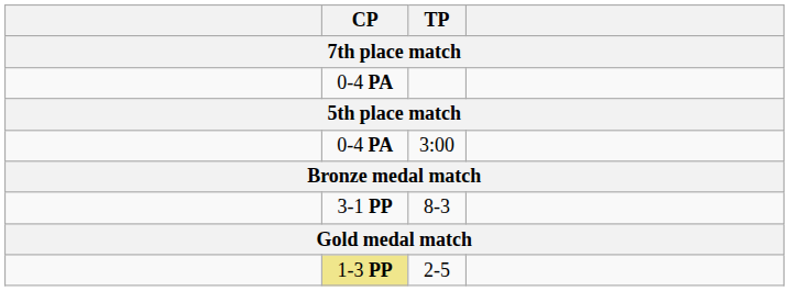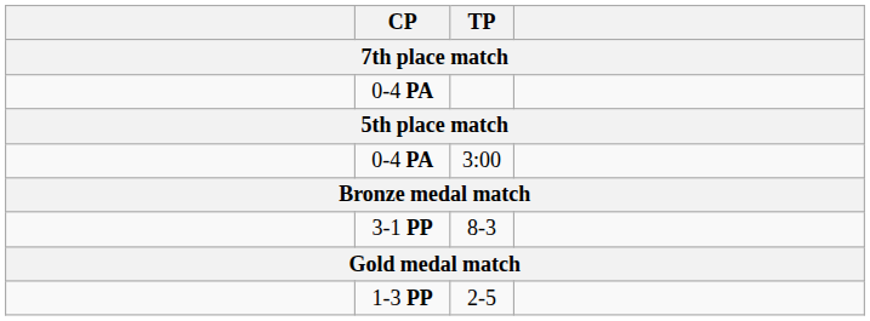 <table class="wikitable" style="text-align: center;" |>
 <tr>
 <th width="250"></th>
 <th width="62">CP</th>
 <th width="40">TP</th>
 <th width="250"></th>
 </tr>
 <tr>
 <th colspan="5">7th place match</th>
 </tr>
 <tr>
 <td style="text-align:left;"></td>
 <td>0-4 <strong>PA</strong></td>
 <td></td>
 <td style="text-align:left;"><strong></strong></td>
 </tr>
 <tr>
 <th colspan="5">5th place match</th>
 </tr>
 <tr>
 <td style="text-align:left;"></td>
 <td>0-4 <strong>PA</strong></td>
 <td>3:00</td>
 <td style="text-align:left;"><strong></strong></td>
 </tr>
 <tr>
 <th colspan="5">Bronze medal match</th>
 </tr>
 <tr>
 <td style="text-align:left;"><strong></strong></td>
 <td>3-1 <strong>PP</strong></td>
 <td>8-3</td>
 <td style="text-align:left;"></td>
 </tr>
 <tr>
 <th colspan="5">Gold medal match</th>
 </tr>
 <tr>
 <td style="text-align:left;"></td>
-<td style="background: khaki;">1-3 <strong>PP</strong></td>
+<td>1-3 <strong>PP</strong></td>
 <td>2-5</td>
 <td style="text-align:left;"><strong></strong></td>
 </tr>
 </table>
